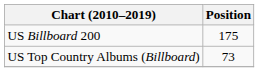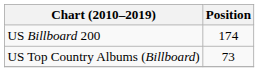 <table class="wikitable">
 <tr>
 <th>Chart (2010–2019)</th>
 <th>Position</th>
 </tr>
 <tr>
 <td>US <em>Billboard</em> 200</td>
-<td style="text-align:center">175</td>
+<td style="text-align:center">174</td>
 </tr>
 <tr>
 <td>US Top Country Albums (<em>Billboard</em>)</td>
 <td style="text-align:center">73</td>
 </tr>
 <tr>
 </tr>
 </table>
